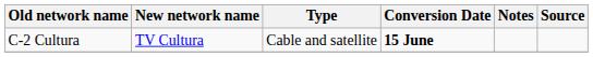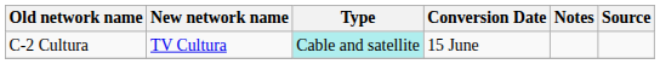 <table class="wikitable">
 <tr>
 <th>Old network name</th>
 <th>New network name</th>
 <th>Type</th>
 <th>Conversion Date</th>
 <th>Notes</th>
 <th>Source</th>
 </tr>
 <tr>
 <td>C-2 Cultura</td>
 <td><a href='#'>TV Cultura</a></td>
-<td>Cable and satellite</td>
-<td><strong>15 June</strong></td>
+<td style="background: paleturquoise;">Cable and satellite</td>
+<td>15 June</td>
 <td></td>
 <td></td>
 </tr>
 <tr>
 </tr>
 </table>
